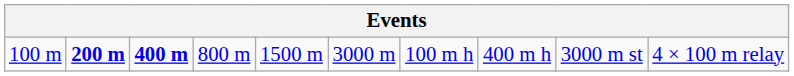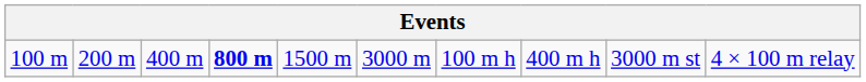 <table class="wikitable" style="margin: 1em auto 1em auto">
 <tr>
 <th colspan=12>Events</th>
 </tr>
 <tr>
 <td><a href='#'>100 m</a></td>
-<td><strong><a href='#'>200 m</a></strong></td>
-<td><strong><a href='#'>400 m</a></strong></td>
-<td><a href='#'>800 m</a></td>
+<td><a href='#'>200 m</a></td>
+<td><a href='#'>400 m</a></td>
+<td><strong><a href='#'>800 m</a></strong></td>
 <td><a href='#'>1500 m</a></td>
 <td><a href='#'>3000 m</a></td>
 <td><a href='#'>100 m h</a></td>
 <td><a href='#'>400 m h</a></td>
 <td><a href='#'>3000 m st</a></td>
 <td><a href='#'>4 × 100 m relay</a></td>
 </tr>
 </table>
